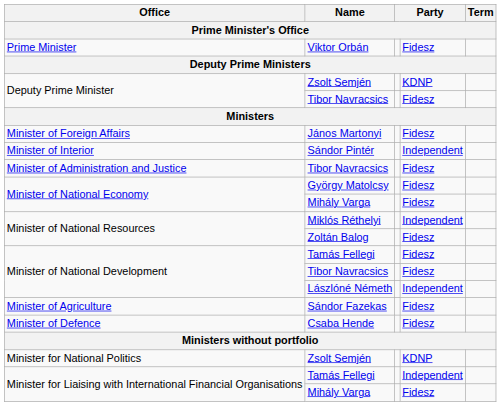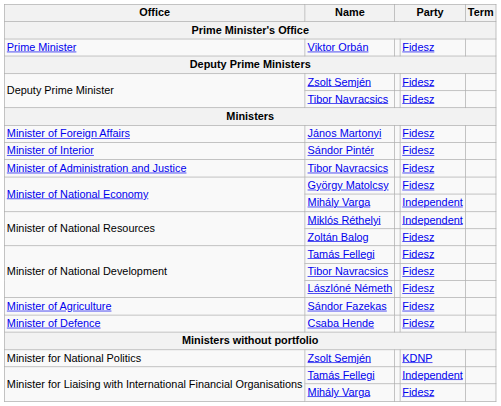 <table class="wikitable" style="font-size: 100%;">
 <tr>
 <th>Office</th>
 <th>Name</th>
 <th colspan=2>Party</th>
 <th>Term</th>
 </tr>
 <tr>
 <th colspan="5" style="text-align: center;">Prime Minister's Office</th>
 </tr>
 <tr>
 <td><a href='#'>Prime Minister</a></td>
 <td><a href='#'>Viktor Orbán</a></td>
 <td style="color:inherit;background:"></td>
 <td><a href='#'>Fidesz</a></td>
 <td></td>
 </tr>
 <tr>
 <th colspan="5" style="text-align: center;">Deputy Prime Ministers</th>
 </tr>
 <tr>
 <td rowspan=2>Deputy Prime Minister</td>
 <td><a href='#'>Zsolt Semjén</a></td>
 <td style="color:inherit;background:"></td>
-<td><a href='#'>KDNP</a></td>
+<td><a href='#'>Fidesz</a></td>
 <td></td>
 </tr>
 <tr>
 <td><a href='#'>Tibor Navracsics</a></td>
 <td style="color:inherit;background:"></td>
 <td><a href='#'>Fidesz</a></td>
 <td></td>
 </tr>
 <tr>
 <th colspan="5" style="text-align: center;">Ministers</th>
 </tr>
 <tr>
 <td><a href='#'>Minister of Foreign Affairs</a></td>
 <td><a href='#'>János Martonyi</a></td>
 <td style="color:inherit;background:"></td>
 <td><a href='#'>Fidesz</a></td>
 <td></td>
 </tr>
 <tr>
 <td><a href='#'>Minister of Interior</a></td>
 <td><a href='#'>Sándor Pintér</a></td>
 <td style="color:inherit;background:"></td>
-<td><a href='#'>Independent</a></td>
+<td><a href='#'>Fidesz</a></td>
 <td></td>
 </tr>
 <tr>
 <td><a href='#'>Minister of Administration and Justice</a></td>
 <td><a href='#'>Tibor Navracsics</a></td>
 <td style="color:inherit;background:"></td>
 <td><a href='#'>Fidesz</a></td>
 <td></td>
 </tr>
 <tr>
 <td rowspan=2><a href='#'>Minister of National Economy</a></td>
 <td><a href='#'>György Matolcsy</a></td>
 <td style="color:inherit;background:"></td>
 <td><a href='#'>Fidesz</a></td>
 <td></td>
 </tr>
 <tr>
 <td><a href='#'>Mihály Varga</a></td>
 <td style="color:inherit;background:"></td>
-<td><a href='#'>Fidesz</a></td>
+<td><a href='#'>Independent</a></td>
 <td></td>
 </tr>
 <tr>
 <td rowspan=2>Minister of National Resources</td>
 <td><a href='#'>Miklós Réthelyi</a></td>
 <td style="color:inherit;background:"></td>
 <td><a href='#'>Independent</a></td>
 <td></td>
 </tr>
 <tr>
 <td><a href='#'>Zoltán Balog</a></td>
 <td style="color:inherit;background:"></td>
 <td><a href='#'>Fidesz</a></td>
 <td></td>
 </tr>
 <tr>
 <td rowspan=3>Minister of National Development</td>
 <td><a href='#'>Tamás Fellegi</a></td>
 <td style="color:inherit;background:"></td>
 <td><a href='#'>Fidesz</a></td>
 <td></td>
 </tr>
 <tr>
 <td><a href='#'>Tibor Navracsics</a> </td>
 <td style="color:inherit;background:"></td>
 <td><a href='#'>Fidesz</a></td>
 <td></td>
 </tr>
 <tr>
 <td><a href='#'>Lászlóné Németh</a></td>
 <td style="color:inherit;background:"></td>
-<td><a href='#'>Independent</a></td>
+<td><a href='#'>Fidesz</a></td>
 <td></td>
 </tr>
 <tr>
 <td><a href='#'>Minister of Agriculture</a></td>
 <td><a href='#'>Sándor Fazekas</a></td>
 <td style="color:inherit;background:"></td>
 <td><a href='#'>Fidesz</a></td>
 <td></td>
 </tr>
 <tr>
 <td><a href='#'>Minister of Defence</a></td>
 <td><a href='#'>Csaba Hende</a></td>
 <td style="color:inherit;background:"></td>
 <td><a href='#'>Fidesz</a></td>
 <td></td>
 </tr>
 <tr>
 <th colspan="5" style="text-align: center;">Ministers without portfolio</th>
 </tr>
 <tr>
 <td>Minister for National Politics</td>
 <td><a href='#'>Zsolt Semjén</a></td>
 <td style="color:inherit;background:"></td>
 <td><a href='#'>KDNP</a></td>
 <td></td>
 </tr>
 <tr>
 <td rowspan=2>Minister for Liaising with International Financial Organisations</td>
 <td><a href='#'>Tamás Fellegi</a></td>
 <td style="color:inherit;background:"></td>
 <td><a href='#'>Independent</a></td>
 <td></td>
 </tr>
 <tr>
 <td><a href='#'>Mihály Varga</a></td>
 <td style="color:inherit;background:"></td>
 <td><a href='#'>Fidesz</a></td>
 <td></td>
 </tr>
 </table>
